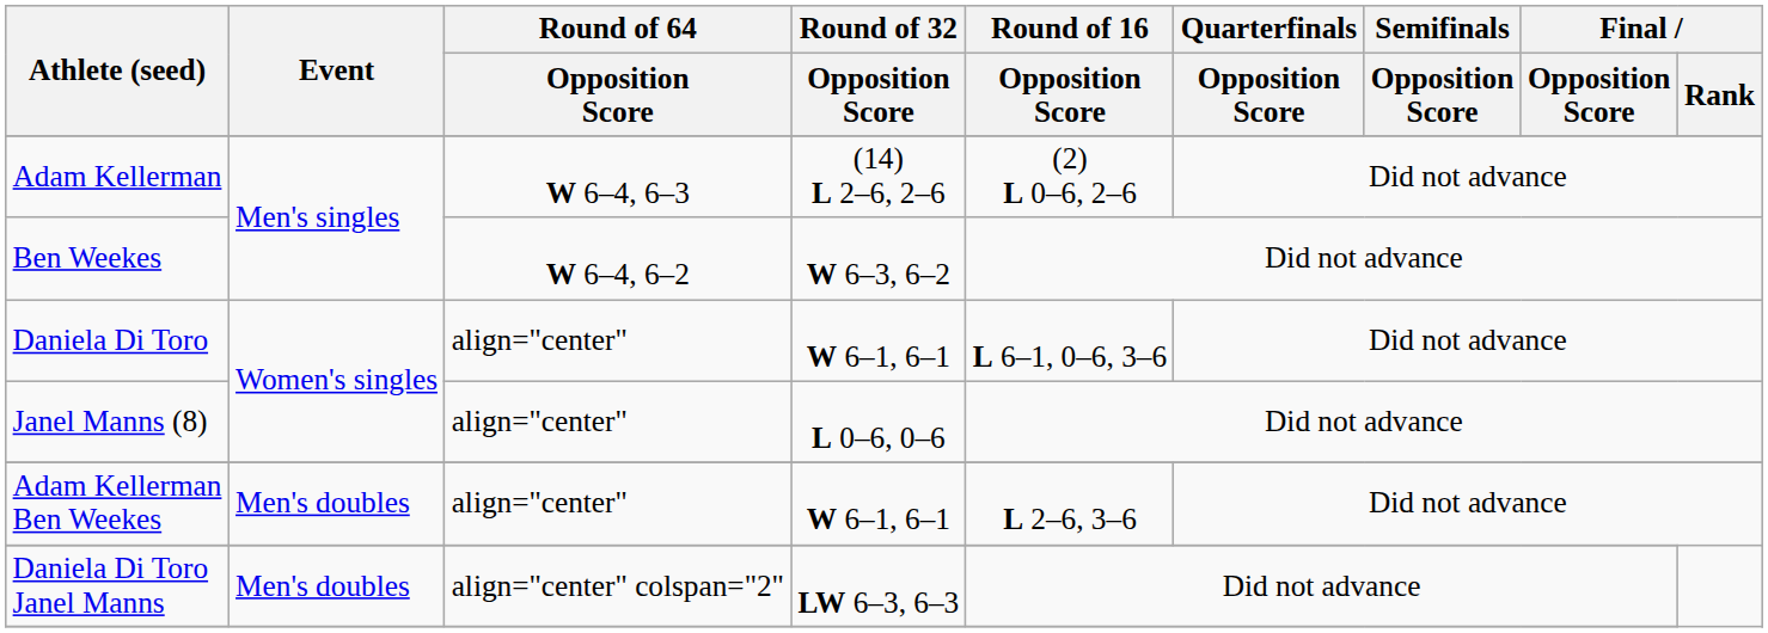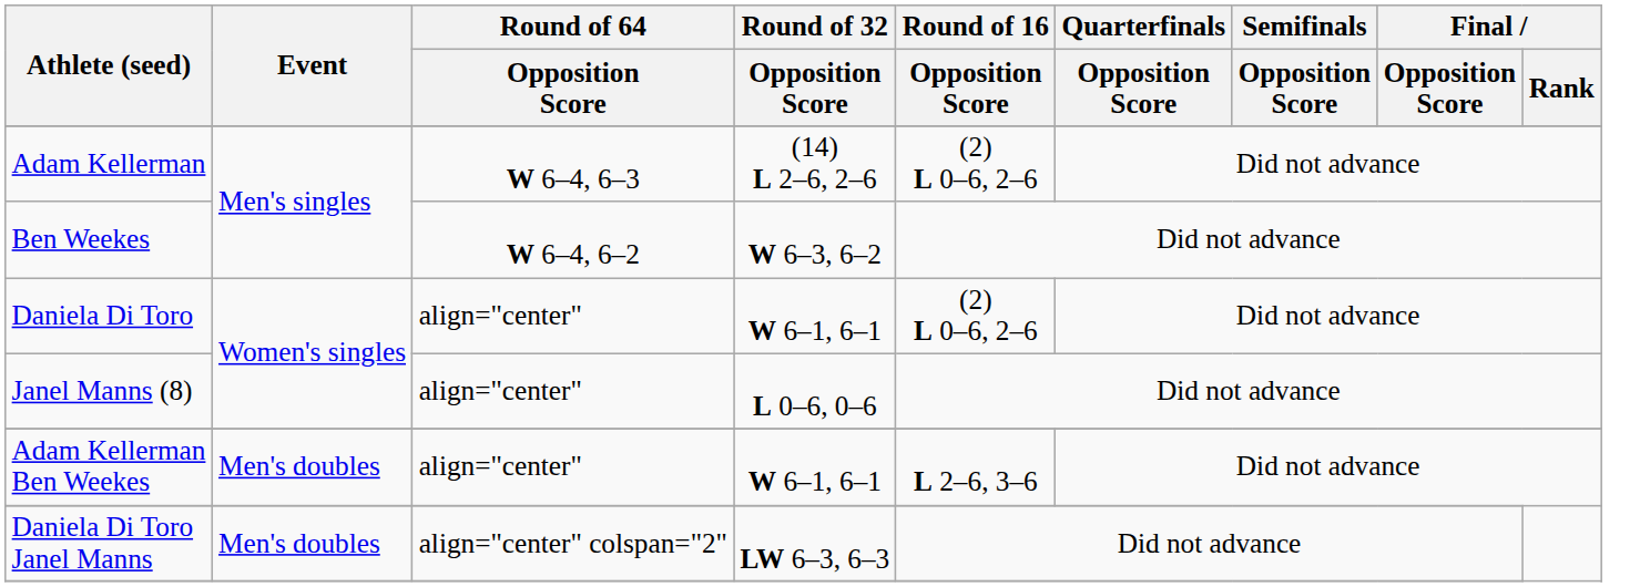 <table class=wikitable>
 <tr>
 <th rowspan="2">Athlete (seed)</th>
 <th rowspan="2">Event</th>
 <th>Round of 64</th>
 <th>Round of 32</th>
 <th>Round of 16</th>
 <th>Quarterfinals</th>
 <th>Semifinals</th>
 <th colspan="2">Final / </th>
 </tr>
 <tr>
 <th>Opposition<br>Score</th>
 <th>Opposition<br>Score</th>
 <th>Opposition<br>Score</th>
 <th>Opposition<br>Score</th>
 <th>Opposition<br>Score</th>
 <th>Opposition<br>Score</th>
 <th>Rank</th>
 </tr>
 <tr>
 </tr>
 <tr>
 <td><a href='#'>Adam Kellerman</a></td>
 <td rowspan="2"><a href='#'>Men's singles</a></td>
 <td align="center"><br><strong>W</strong> 6–4, 6–3</td>
 <td align="center"> (14)<br><strong>L</strong> 2–6, 2–6</td>
 <td align="center"> (2)<br><strong>L</strong> 0–6, 2–6</td>
 <td align="center" colspan=4>Did not advance</td>
 </tr>
 <tr>
 <td><a href='#'>Ben Weekes</a></td>
 <td align="center"><br><strong>W</strong> 6–4, 6–2</td>
 <td align="center"> <br><strong>W</strong> 6–3, 6–2</td>
 <td align="center" colspan=5>Did not advance</td>
 </tr>
 <tr>
 <td><a href='#'>Daniela Di Toro</a></td>
 <td rowspan="2"><a href='#'>Women's singles</a></td>
 <td>align="center" </td>
 <td align="center"><br><strong>W</strong> 6–1, 6–1</td>
-<td align="center"><br><strong>L</strong> 6–1, 0–6, 3–6</td>
+<td align="center"> (2)<br><strong>L</strong> 0–6, 2–6</td>
 <td align="center" colspan=4>Did not advance</td>
 </tr>
 <tr>
 <td><a href='#'>Janel Manns</a> (8)</td>
 <td>align="center" </td>
 <td align="center"><br><strong>L</strong> 0–6, 0–6</td>
 <td align="center" colspan=6>Did not advance</td>
 </tr>
 <tr>
 </tr>
 <tr>
 <td><a href='#'>Adam Kellerman</a><br><a href='#'>Ben Weekes</a></td>
 <td><a href='#'>Men's doubles</a></td>
 <td>align="center" </td>
 <td align="center"><br><strong>W</strong> 6–1, 6–1</td>
 <td align="center"> <br><strong>L</strong> 2–6, 3–6</td>
 <td align="center" colspan=4>Did not advance</td>
 </tr>
 <tr>
 </tr>
 <tr>
 <td><a href='#'>Daniela Di Toro</a><br><a href='#'>Janel Manns</a></td>
 <td><a href='#'>Men's doubles</a></td>
 <td>align="center" colspan="2" </td>
 <td align="center"><br><strong>LW</strong> 6–3, 6–3</td>
 <td align="center" colspan=4>Did not advance</td>
 </tr>
 <tr>
 </tr>
 </table>
